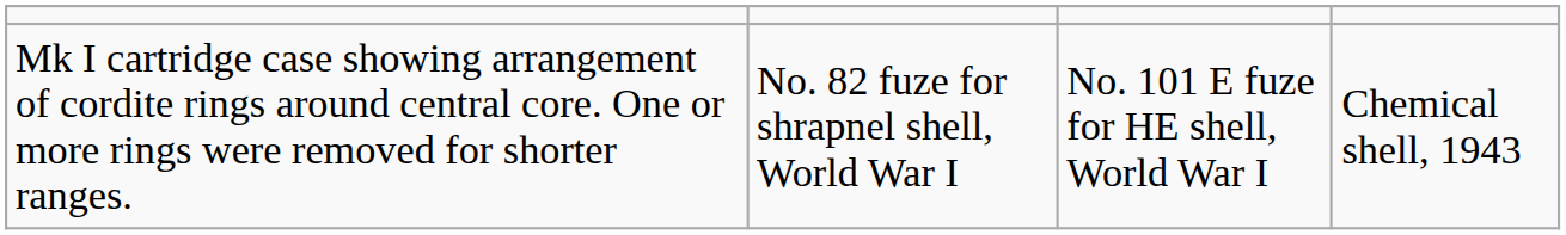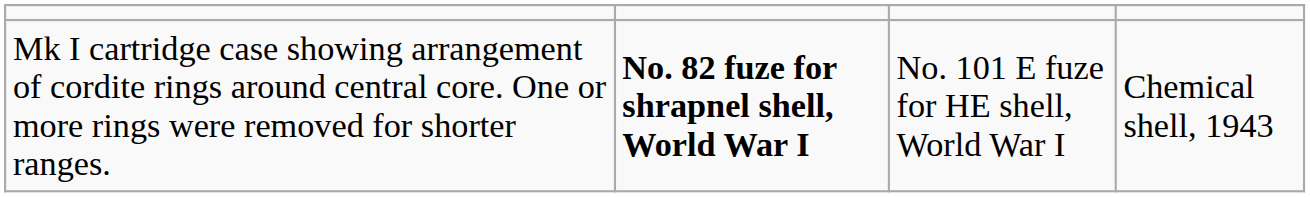 <table class="wikitable">
 <tr>
 <td></td>
 <td></td>
 <td></td>
 <td></td>
 </tr>
 <tr>
 <td>Mk I cartridge case showing arrangement of cordite rings around central core. One or more rings were removed for shorter ranges.</td>
-<td>No. 82 fuze for shrapnel shell, World War I</td>
+<td><strong>No. 82 fuze for shrapnel shell, World War I</strong></td>
 <td>No. 101 E fuze for HE shell, World War I</td>
 <td>Chemical shell, 1943</td>
 </tr>
 </table>
